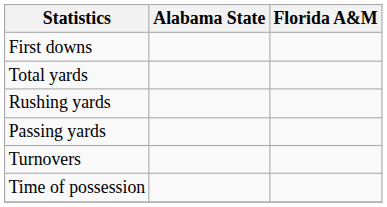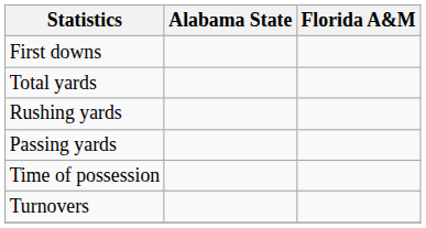 <table class="wikitable">
 <tr>
 <th>Statistics</th>
 <th>Alabama State</th>
 <th>Florida A&M</th>
 </tr>
 <tr>
 <td>First downs</td>
 <td> </td>
 <td> </td>
 </tr>
 <tr>
 <td>Total yards</td>
 <td> </td>
 <td> </td>
 </tr>
 <tr>
 <td>Rushing yards</td>
 <td> </td>
 <td> </td>
 </tr>
 <tr>
 <td>Passing yards</td>
 <td> </td>
 <td> </td>
 </tr>
 <tr>
-<td>Turnovers</td>
+<td>Time of possession</td>
 <td> </td>
 <td> </td>
 </tr>
 <tr>
-<td>Time of possession</td>
+<td>Turnovers</td>
 <td> </td>
 <td> </td>
 </tr>
 <tr>
 </tr>
 </table>
